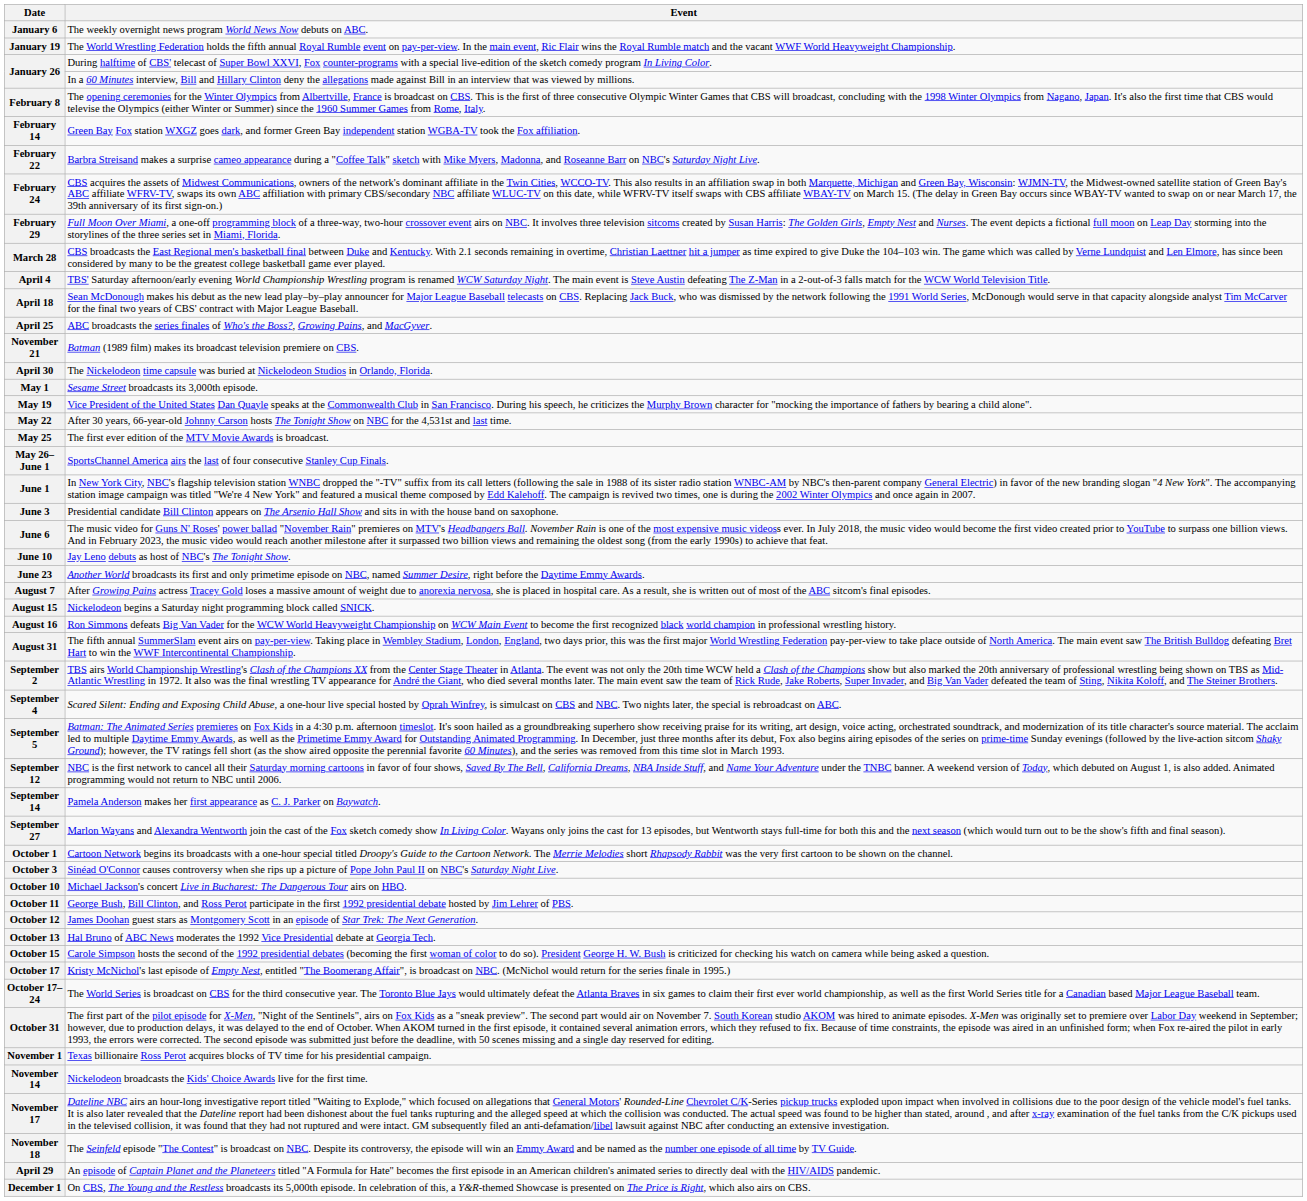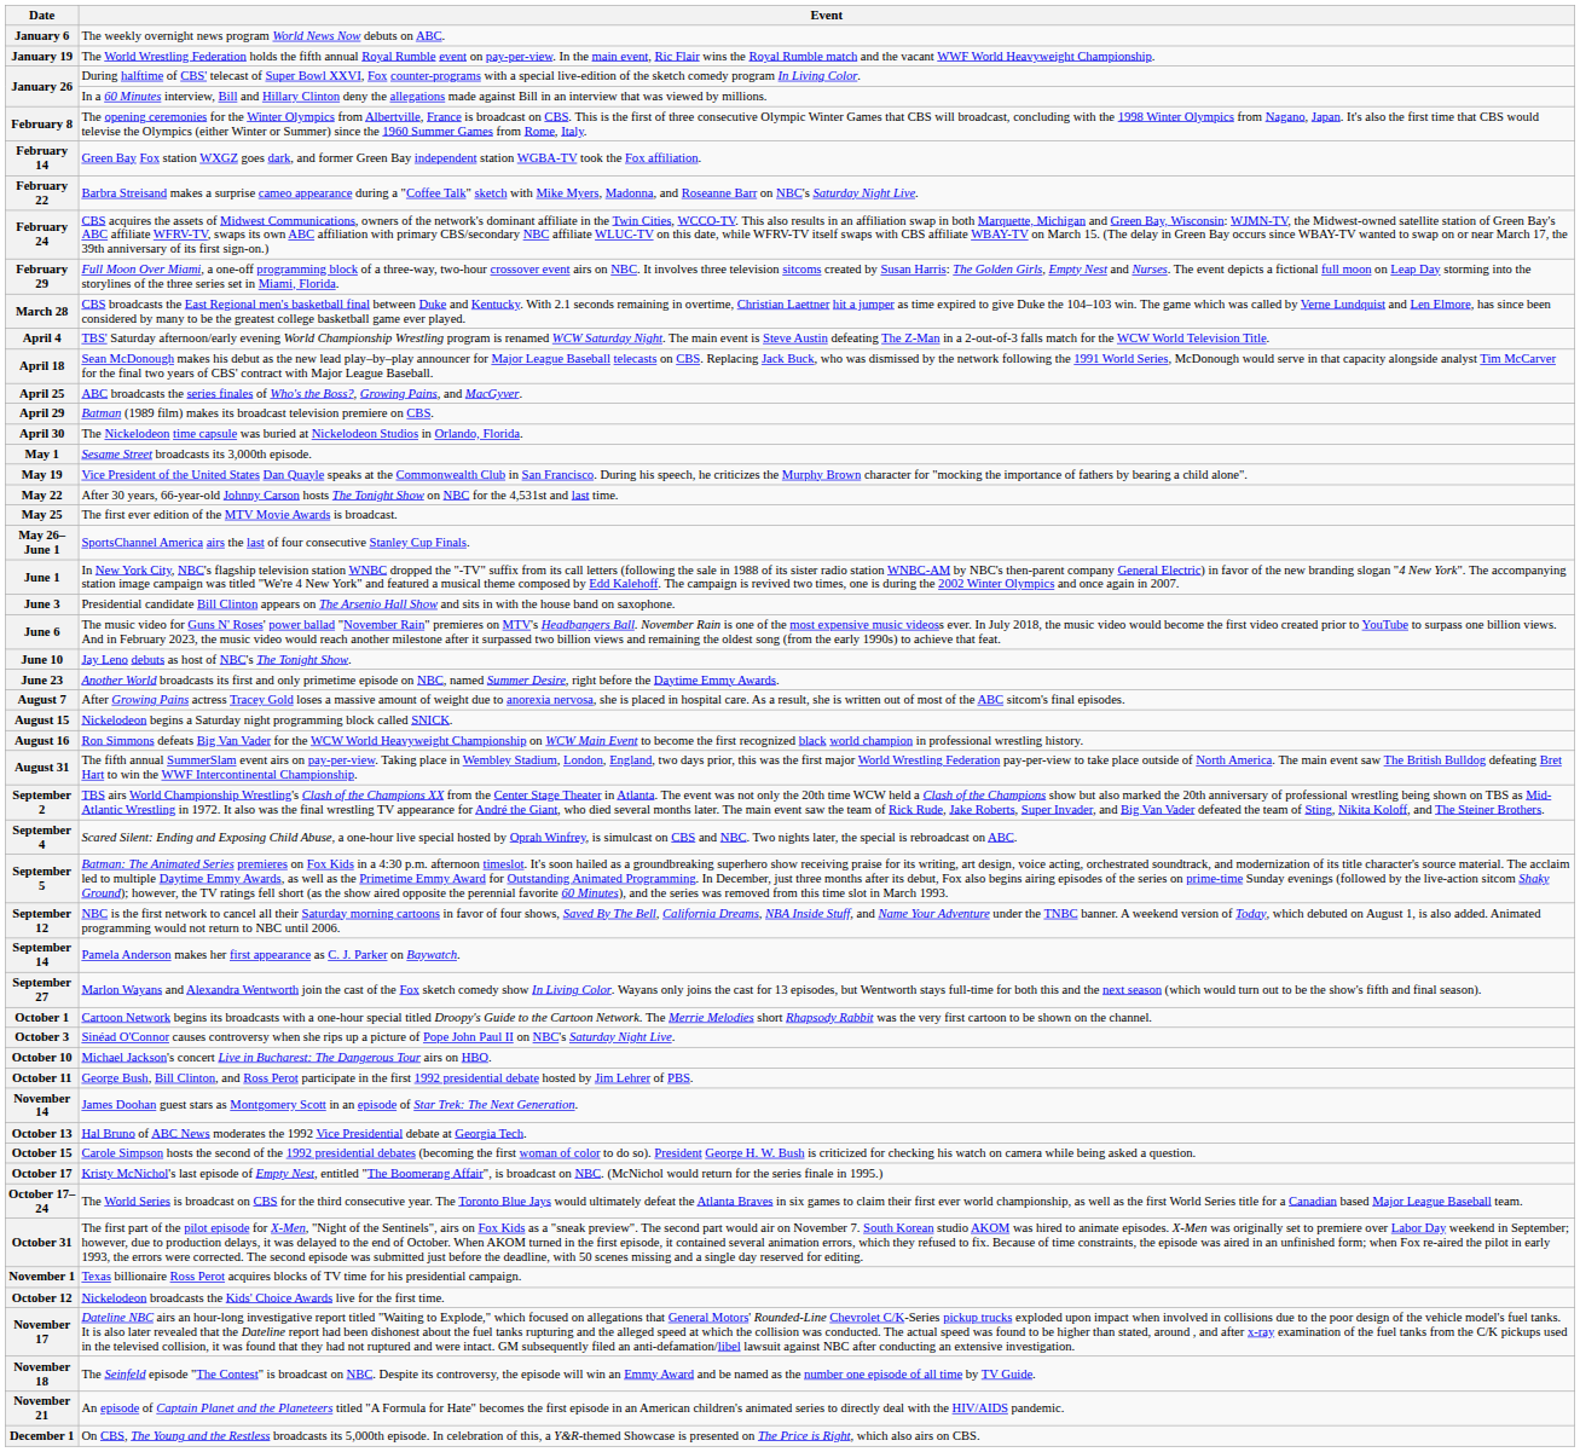 <table class="wikitable">
 <tr>
 <th>Date</th>
 <th>Event</th>
 </tr>
 <tr>
 <th>January 6</th>
 <td>The weekly overnight news program <em><a href='#'>World News Now</a></em> debuts on <a href='#'>ABC</a>.</td>
 </tr>
 <tr>
 <th>January 19</th>
 <td>The <a href='#'>World Wrestling Federation</a> holds the fifth annual <a href='#'>Royal Rumble</a> <a href='#'>event</a> on <a href='#'>pay-per-view</a>. In the <a href='#'>main event</a>, <a href='#'>Ric Flair</a> wins the <a href='#'>Royal Rumble match</a> and the vacant <a href='#'>WWF World Heavyweight Championship</a>.</td>
 </tr>
 <tr>
 <th rowspan="2">January 26</th>
 <td>During <a href='#'>halftime</a> of <a href='#'>CBS'</a> telecast of <a href='#'>Super Bowl XXVI</a>, <a href='#'>Fox</a> <a href='#'>counter-programs</a> with a special live-edition of the sketch comedy program <em><a href='#'>In Living Color</a></em>.</td>
 </tr>
 <tr>
 <td>In a <em><a href='#'>60 Minutes</a></em> interview, <a href='#'>Bill</a> and <a href='#'>Hillary Clinton</a> deny the <a href='#'>allegations</a> made against Bill in an interview that was viewed by millions.</td>
 </tr>
 <tr>
 <th>February 8</th>
 <td>The <a href='#'>opening ceremonies</a> for the <a href='#'>Winter Olympics</a> from <a href='#'>Albertville</a>, <a href='#'>France</a> is broadcast on <a href='#'>CBS</a>. This is the first of three consecutive Olympic Winter Games that CBS will broadcast, concluding with the <a href='#'>1998 Winter Olympics</a> from <a href='#'>Nagano</a>, <a href='#'>Japan</a>. It's also the first time that CBS would televise the Olympics (either Winter or Summer) since the <a href='#'>1960 Summer Games</a> from <a href='#'>Rome</a>, <a href='#'>Italy</a>.</td>
 </tr>
 <tr>
 <th>February 14</th>
 <td><a href='#'>Green Bay</a> <a href='#'>Fox</a> station <a href='#'>WXGZ</a> goes <a href='#'>dark</a>, and former Green Bay <a href='#'>independent</a> station <a href='#'>WGBA-TV</a> took the <a href='#'>Fox affiliation</a>.</td>
 </tr>
 <tr>
 <th>February 22</th>
 <td><a href='#'>Barbra Streisand</a> makes a surprise <a href='#'>cameo appearance</a> during a "<a href='#'>Coffee Talk</a>" <a href='#'>sketch</a> with <a href='#'>Mike Myers</a>, <a href='#'>Madonna</a>, and <a href='#'>Roseanne Barr</a> on <a href='#'>NBC</a>'s <em><a href='#'>Saturday Night Live</a></em>.</td>
 </tr>
 <tr>
 <th>February 24</th>
 <td><a href='#'>CBS</a> acquires the assets of <a href='#'>Midwest Communications</a>, owners of the network's dominant affiliate in the <a href='#'>Twin Cities</a>, <a href='#'>WCCO-TV</a>. This also results in an affiliation swap in both <a href='#'>Marquette, Michigan</a> and <a href='#'>Green Bay, Wisconsin</a>: <a href='#'>WJMN-TV</a>, the Midwest-owned satellite station of Green Bay's <a href='#'>ABC</a> affiliate <a href='#'>WFRV-TV</a>, swaps its own <a href='#'>ABC</a> affiliation with primary CBS/secondary <a href='#'>NBC</a> affiliate <a href='#'>WLUC-TV</a> on this date, while WFRV-TV itself swaps with CBS affiliate <a href='#'>WBAY-TV</a> on March 15. (The delay in Green Bay occurs since WBAY-TV wanted to swap on or near March 17, the 39th anniversary of its first sign-on.)</td>
 </tr>
 <tr>
 <th>February 29</th>
 <td><em><a href='#'>Full Moon Over Miami</a></em>, a one-off <a href='#'>programming block</a> of a three-way, two-hour <a href='#'>crossover event</a> airs on <a href='#'>NBC</a>. It involves three television <a href='#'>sitcoms</a> created by <a href='#'>Susan Harris</a>: <em><a href='#'>The Golden Girls</a></em>, <em><a href='#'>Empty Nest</a></em> and <em><a href='#'>Nurses</a></em>. The event depicts a fictional <a href='#'>full moon</a> on <a href='#'>Leap Day</a> storming into the storylines of the three series set in <a href='#'>Miami, Florida</a>.</td>
 </tr>
 <tr>
 <th>March 28</th>
 <td><a href='#'>CBS</a> broadcasts the <a href='#'>East Regional men's basketball final</a> between <a href='#'>Duke</a> and <a href='#'>Kentucky</a>. With 2.1 seconds remaining in overtime, <a href='#'>Christian Laettner</a> <a href='#'>hit a jumper</a> as time expired to give Duke the 104–103 win. The game which was called by <a href='#'>Verne Lundquist</a> and <a href='#'>Len Elmore</a>, has since been considered by many to be the greatest college basketball game ever played.</td>
 </tr>
 <tr>
 <th>April 4</th>
 <td><a href='#'>TBS'</a> Saturday afternoon/early evening <em>World Championship Wrestling</em> program is renamed <em><a href='#'>WCW Saturday Night</a></em>. The main event is <a href='#'>Steve Austin</a> defeating <a href='#'>The Z-Man</a> in a 2-out-of-3 falls match for the <a href='#'>WCW World Television Title</a>.</td>
 </tr>
 <tr>
 <th>April 18</th>
 <td><a href='#'>Sean McDonough</a> makes his debut as the new lead play–by–play announcer for <a href='#'>Major League Baseball</a> <a href='#'>telecasts</a> on <a href='#'>CBS</a>. Replacing <a href='#'>Jack Buck</a>, who was dismissed by the network following the <a href='#'>1991 World Series</a>, McDonough would serve in that capacity alongside analyst <a href='#'>Tim McCarver</a> for the final two years of CBS' contract with Major League Baseball.</td>
 </tr>
 <tr>
 <th>April 25</th>
 <td><a href='#'>ABC</a> broadcasts the <a href='#'>series finales</a> of <em><a href='#'>Who's the Boss?</a></em>, <em><a href='#'>Growing Pains</a></em>, and <em><a href='#'>MacGyver</a></em>.</td>
 </tr>
 <tr>
-<th>November 21</th>
+<th>April 29</th>
 <td><em><a href='#'>Batman</a></em> (1989 film) makes its broadcast television premiere on <a href='#'>CBS</a>.</td>
 </tr>
 <tr>
 <th>April 30</th>
 <td>The <a href='#'>Nickelodeon</a> <a href='#'>time capsule</a> was buried at <a href='#'>Nickelodeon Studios</a> in <a href='#'>Orlando, Florida</a>.</td>
 </tr>
 <tr>
 <th>May 1</th>
 <td><em><a href='#'>Sesame Street</a></em> broadcasts its 3,000th episode.</td>
 </tr>
 <tr>
 <th>May 19</th>
 <td><a href='#'>Vice President of the United States</a> <a href='#'>Dan Quayle</a> speaks at the <a href='#'>Commonwealth Club</a> in <a href='#'>San Francisco</a>. During his speech, he criticizes the <a href='#'>Murphy Brown</a> character for "mocking the importance of fathers by bearing a child alone".</td>
 </tr>
 <tr>
 <th>May 22</th>
 <td>After 30 years, 66-year-old <a href='#'>Johnny Carson</a> hosts <em><a href='#'>The Tonight Show</a></em> on <a href='#'>NBC</a> for the 4,531st and <a href='#'>last</a> time.</td>
 </tr>
 <tr>
 <th>May 25</th>
 <td>The first ever edition of the <a href='#'>MTV Movie Awards</a> is broadcast.</td>
 </tr>
 <tr>
 <th>May 26–June 1</th>
 <td><a href='#'>SportsChannel America</a> <a href='#'>airs</a> the <a href='#'>last</a> of four consecutive <a href='#'>Stanley Cup Finals</a>.</td>
 </tr>
 <tr>
 <th>June 1</th>
 <td>In <a href='#'>New York City</a>, <a href='#'>NBC</a>'s flagship television station <a href='#'>WNBC</a> dropped the "-TV" suffix from its call letters (following the sale in 1988 of its sister radio station <a href='#'>WNBC-AM</a> by NBC's then-parent company <a href='#'>General Electric</a>) in favor of the new branding slogan "<em>4 New York</em>". The accompanying station image campaign was titled "We're 4 New York" and featured a musical theme composed by <a href='#'>Edd Kalehoff</a>. The campaign is revived two times, one is during the <a href='#'>2002 Winter Olympics</a> and once again in 2007.</td>
 </tr>
 <tr>
 <th>June 3</th>
 <td>Presidential candidate <a href='#'>Bill Clinton</a> appears on <em><a href='#'>The Arsenio Hall Show</a></em> and sits in with the house band on saxophone.</td>
 </tr>
 <tr>
 <th>June 6</th>
 <td>The music video for <a href='#'>Guns N' Roses</a>' <a href='#'>power ballad</a> "<a href='#'>November Rain</a>" premieres on <a href='#'>MTV</a>'s <em><a href='#'>Headbangers Ball</a></em>. <em>November Rain</em> is one of the <a href='#'>most expensive music videos</a>s ever. In July 2018, the music video would become the first video created prior to <a href='#'>YouTube</a> to surpass one billion views. And in February 2023, the music video would reach another milestone after it surpassed two billion views and remaining the oldest song (from the early 1990s) to achieve that feat.</td>
 </tr>
 <tr>
 <th>June 10</th>
 <td><a href='#'>Jay Leno</a> <a href='#'>debuts</a> as host of <a href='#'>NBC</a>'s <em><a href='#'>The Tonight Show</a></em>.</td>
 </tr>
 <tr>
 <th>June 23</th>
 <td><em><a href='#'>Another World</a></em> broadcasts its first and only primetime episode on <a href='#'>NBC</a>, named <em><a href='#'>Summer Desire</a></em>, right before the <a href='#'>Daytime Emmy Awards</a>.</td>
 </tr>
 <tr>
 <th>August 7</th>
 <td>After <em><a href='#'>Growing Pains</a></em> actress <a href='#'>Tracey Gold</a> loses a massive amount of weight due to <a href='#'>anorexia nervosa</a>, she is placed in hospital care. As a result, she is written out of most of the <a href='#'>ABC</a> sitcom's final episodes.</td>
 </tr>
 <tr>
 <th>August 15</th>
 <td><a href='#'>Nickelodeon</a> begins a Saturday night programming block called <a href='#'>SNICK</a>.</td>
 </tr>
 <tr>
 <th>August 16</th>
 <td><a href='#'>Ron Simmons</a> defeats <a href='#'>Big Van Vader</a> for the <a href='#'>WCW World Heavyweight Championship</a> on <em><a href='#'>WCW Main Event</a></em> to become the first recognized <a href='#'>black</a> <a href='#'>world champion</a> in professional wrestling history.</td>
 </tr>
 <tr>
 <th>August 31</th>
 <td>The fifth annual <a href='#'>SummerSlam</a> event airs on <a href='#'>pay-per-view</a>. Taking place in <a href='#'>Wembley Stadium</a>, <a href='#'>London</a>, <a href='#'>England</a>, two days prior, this was the first major <a href='#'>World Wrestling Federation</a> pay-per-view to take place outside of <a href='#'>North America</a>. The main event saw <a href='#'>The British Bulldog</a> defeating <a href='#'>Bret Hart</a> to win the <a href='#'>WWF Intercontinental Championship</a>.</td>
 </tr>
 <tr>
 <th>September 2</th>
 <td><a href='#'>TBS</a> airs <a href='#'>World Championship Wrestling</a>'s <em><a href='#'>Clash of the Champions XX</a></em> from the <a href='#'>Center Stage Theater</a> in <a href='#'>Atlanta</a>. The event was not only the 20th time WCW held a <em><a href='#'>Clash of the Champions</a></em> show but also marked the 20th anniversary of professional wrestling being shown on TBS as <a href='#'>Mid-Atlantic Wrestling</a> in 1972. It also was the final wrestling TV appearance for <a href='#'>André the Giant</a>, who died several months later. The main event saw the team of <a href='#'>Rick Rude</a>, <a href='#'>Jake Roberts</a>, <a href='#'>Super Invader</a>, and <a href='#'>Big Van Vader</a> defeated the team of <a href='#'>Sting</a>, <a href='#'>Nikita Koloff</a>, and <a href='#'>The Steiner Brothers</a>.</td>
 </tr>
 <tr>
 <th>September 4</th>
 <td><em>Scared Silent: Ending and Exposing Child Abuse</em>, a one-hour live special hosted by <a href='#'>Oprah Winfrey</a>, is simulcast on <a href='#'>CBS</a> and <a href='#'>NBC</a>. Two nights later, the special is rebroadcast on <a href='#'>ABC</a>.</td>
 </tr>
 <tr>
 <th>September 5</th>
 <td><em><a href='#'>Batman: The Animated Series</a></em> <a href='#'>premieres</a> on <a href='#'>Fox Kids</a> in a 4:30 p.m. afternoon <a href='#'>timeslot</a>. It's soon hailed as a groundbreaking superhero show receiving praise for its writing, art design, voice acting, orchestrated soundtrack, and modernization of its title character's source material. The acclaim led to multiple <a href='#'>Daytime Emmy Awards</a>, as well as the <a href='#'>Primetime Emmy Award</a> for <a href='#'>Outstanding Animated Programming</a>. In December, just three months after its debut, Fox also begins airing episodes of the series on <a href='#'>prime-time</a> Sunday evenings (followed by the live-action sitcom <em><a href='#'>Shaky Ground</a></em>); however, the TV ratings fell short (as the show aired opposite the perennial favorite <em><a href='#'>60 Minutes</a></em>), and the series was removed from this time slot in March 1993.</td>
 </tr>
 <tr>
 <th>September 12</th>
 <td><a href='#'>NBC</a> is the first network to cancel all their <a href='#'>Saturday morning cartoons</a> in favor of four shows, <em><a href='#'>Saved By The Bell</a></em>, <em><a href='#'>California Dreams</a></em>, <em><a href='#'>NBA Inside Stuff</a></em>, and <em><a href='#'>Name Your Adventure</a></em> under the <a href='#'>TNBC</a> banner. A weekend version of <em><a href='#'>Today</a></em>, which debuted on August 1, is also added. Animated programming would not return to NBC until 2006.</td>
 </tr>
 <tr>
 <th>September 14</th>
 <td><a href='#'>Pamela Anderson</a> makes her <a href='#'>first appearance</a> as <a href='#'>C. J. Parker</a> on <em><a href='#'>Baywatch</a></em>.</td>
 </tr>
 <tr>
 <th>September 27</th>
 <td><a href='#'>Marlon Wayans</a> and <a href='#'>Alexandra Wentworth</a> join the cast of the <a href='#'>Fox</a> sketch comedy show <em><a href='#'>In Living Color</a></em>. Wayans only joins the cast for 13 episodes, but Wentworth stays full-time for both this and the <a href='#'>next season</a> (which would turn out to be the show's fifth and final season).</td>
 </tr>
 <tr>
 <th>October 1</th>
 <td><a href='#'>Cartoon Network</a> begins its broadcasts with a one-hour special titled <em>Droopy's Guide to the Cartoon Network</em>. The <em><a href='#'>Merrie Melodies</a></em> short <em><a href='#'>Rhapsody Rabbit</a></em> was the very first cartoon to be shown on the channel.</td>
 </tr>
 <tr>
 <th>October 3</th>
 <td><a href='#'>Sinéad O'Connor</a> causes controversy when she rips up a picture of <a href='#'>Pope John Paul II</a> on <a href='#'>NBC</a>'s <em><a href='#'>Saturday Night Live</a></em>.</td>
 </tr>
 <tr>
 <th>October 10</th>
 <td><a href='#'>Michael Jackson</a>'s concert <em><a href='#'>Live in Bucharest: The Dangerous Tour</a></em> airs on <a href='#'>HBO</a>.</td>
 </tr>
 <tr>
 <th>October 11</th>
 <td><a href='#'>George Bush</a>, <a href='#'>Bill Clinton</a>, and <a href='#'>Ross Perot</a> participate in the first <a href='#'>1992 presidential debate</a> hosted by <a href='#'>Jim Lehrer</a> of <a href='#'>PBS</a>.</td>
 </tr>
 <tr>
-<th>October 12</th>
+<th>November 14</th>
 <td><a href='#'>James Doohan</a> guest stars as <a href='#'>Montgomery Scott</a> in an <a href='#'>episode</a> of <em><a href='#'>Star Trek: The Next Generation</a></em>.</td>
 </tr>
 <tr>
 <th>October 13</th>
 <td><a href='#'>Hal Bruno</a> of <a href='#'>ABC News</a> moderates the 1992 <a href='#'>Vice Presidential</a> debate at <a href='#'>Georgia Tech</a>.</td>
 </tr>
 <tr>
 <th>October 15</th>
 <td><a href='#'>Carole Simpson</a> hosts the second of the <a href='#'>1992 presidential debates</a> (becoming the first <a href='#'>woman of color</a> to do so). <a href='#'>President</a> <a href='#'>George H. W. Bush</a> is criticized for checking his watch on camera while being asked a question.</td>
 </tr>
 <tr>
 <th>October 17</th>
 <td><a href='#'>Kristy McNichol</a>'s last episode of <em><a href='#'>Empty Nest</a></em>, entitled "<a href='#'>The Boomerang Affair</a>", is broadcast on <a href='#'>NBC</a>. (McNichol would return for the series finale in 1995.)</td>
 </tr>
 <tr>
 <th>October 17–24</th>
 <td>The <a href='#'>World Series</a> is broadcast on <a href='#'>CBS</a> for the third consecutive year. The <a href='#'>Toronto Blue Jays</a> would ultimately defeat the <a href='#'>Atlanta Braves</a> in six games to claim their first ever world championship, as well as the first World Series title for a <a href='#'>Canadian</a> based <a href='#'>Major League Baseball</a> team.</td>
 </tr>
 <tr>
 <th>October 31</th>
 <td>The first part of the <a href='#'>pilot episode</a> for <em><a href='#'>X-Men</a></em>, "Night of the Sentinels",  airs on <a href='#'>Fox Kids</a> as a "sneak preview". The second part would air on November 7. <a href='#'>South Korean</a> studio <a href='#'>AKOM</a> was hired to animate episodes. <em>X-Men</em> was originally set to premiere over <a href='#'>Labor Day</a> weekend in September; however, due to production delays, it was delayed to the end of October. When AKOM turned in the first episode, it contained several animation errors, which they refused to fix. Because of time constraints, the episode was aired in an unfinished form; when Fox re-aired the pilot in early 1993, the errors were corrected. The second episode was submitted just before the deadline, with 50 scenes missing and a single day reserved for editing.</td>
 </tr>
 <tr>
 <th>November 1</th>
 <td><a href='#'>Texas</a> billionaire <a href='#'>Ross Perot</a> acquires blocks of TV time for his presidential campaign.</td>
 </tr>
 <tr>
-<th>November 14</th>
+<th>October 12</th>
 <td><a href='#'>Nickelodeon</a> broadcasts the <a href='#'>Kids' Choice Awards</a> live for the first time.</td>
 </tr>
 <tr>
 <th>November 17</th>
 <td><em><a href='#'>Dateline NBC</a></em> airs an hour-long investigative report titled "Waiting to Explode," which focused on allegations that <a href='#'>General Motors</a>' <em>Rounded-Line</em> <a href='#'>Chevrolet C/K</a>-Series <a href='#'>pickup trucks</a> exploded upon impact when involved in collisions due to the poor design of the vehicle model's fuel tanks. It is also later revealed that the <em>Dateline</em> report had been dishonest about the fuel tanks rupturing and the alleged  speed at which the collision was conducted. The actual speed was found to be higher than stated, around , and after <a href='#'>x-ray</a> examination of the fuel tanks from the C/K pickups used in the televised collision, it was found that they had not ruptured and were intact. GM subsequently filed an anti-defamation/<a href='#'>libel</a> lawsuit against NBC after conducting an extensive investigation.</td>
 </tr>
 <tr>
 <th>November 18</th>
 <td>The <em><a href='#'>Seinfeld</a></em> episode "<a href='#'>The Contest</a>" is broadcast on <a href='#'>NBC</a>. Despite its controversy, the episode will win an <a href='#'>Emmy Award</a> and be named as the <a href='#'>number one episode of all time</a> by <a href='#'>TV Guide</a>.</td>
 </tr>
 <tr>
-<th>April 29</th>
+<th>November 21</th>
 <td>An <a href='#'>episode</a> of <em><a href='#'>Captain Planet and the Planeteers</a></em> titled "A Formula for Hate" becomes the first episode in an American children's animated series to directly deal with the <a href='#'>HIV/AIDS</a> pandemic.</td>
 </tr>
 <tr>
 <th>December 1</th>
 <td>On <a href='#'>CBS</a>, <em><a href='#'>The Young and the Restless</a></em> broadcasts its 5,000th episode. In celebration of this, a <em>Y&R</em>-themed Showcase is presented on <em><a href='#'>The Price is Right</a></em>, which also airs on CBS.</td>
 </tr>
 </table>
